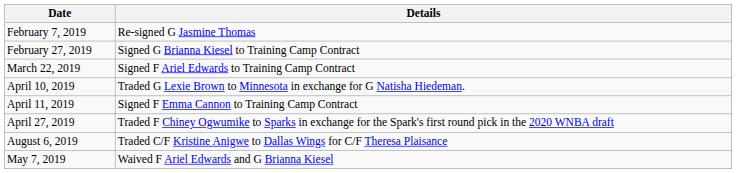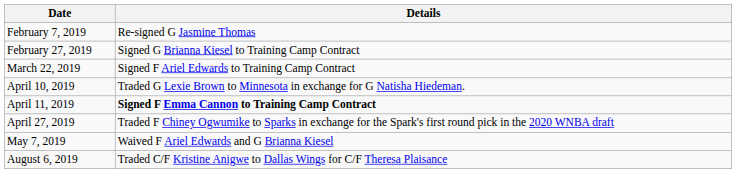 <table class="wikitable" style="width:80%" style="text-align:center;">
 <tr>
 <th>Date</th>
 <th>Details</th>
 </tr>
 <tr>
 <td>February 7, 2019</td>
 <td>Re-signed G <a href='#'>Jasmine Thomas</a></td>
 </tr>
 <tr>
 <td>February 27, 2019</td>
 <td>Signed G <a href='#'>Brianna Kiesel</a> to Training Camp Contract</td>
 </tr>
 <tr>
 <td>March 22, 2019</td>
 <td>Signed F <a href='#'>Ariel Edwards</a> to Training Camp Contract</td>
 </tr>
 <tr>
 <td>April 10, 2019</td>
 <td>Traded G <a href='#'>Lexie Brown</a> to <a href='#'>Minnesota</a> in exchange for G <a href='#'>Natisha Hiedeman</a>.</td>
 </tr>
 <tr>
 <td>April 11, 2019</td>
-<td>Signed F <a href='#'>Emma Cannon</a> to Training Camp Contract</td>
+<td><strong>Signed F <a href='#'>Emma Cannon</a> to Training Camp Contract</strong></td>
 </tr>
 <tr>
 <td>April 27, 2019</td>
 <td>Traded F <a href='#'>Chiney Ogwumike</a> to <a href='#'>Sparks</a> in exchange for the Spark's first round pick in the <a href='#'>2020 WNBA draft</a></td>
 </tr>
 <tr>
+<td>May 7, 2019</td>
+<td>Waived F <a href='#'>Ariel Edwards</a> and G <a href='#'>Brianna Kiesel</a></td>
+</tr>
+<tr>
 <td>August 6, 2019</td>
 <td>Traded C/F <a href='#'>Kristine Anigwe</a> to <a href='#'>Dallas Wings</a> for C/F <a href='#'>Theresa Plaisance</a></td>
 </tr>
-<tr>
-<td>May 7, 2019</td>
-<td>Waived F <a href='#'>Ariel Edwards</a> and G <a href='#'>Brianna Kiesel</a></td>
-</tr>
 </table>
